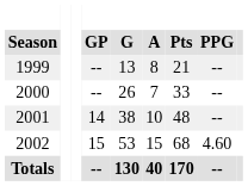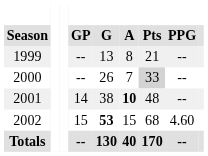 <table BORDER="0" CELLPADDING="3" CELLSPACING="0">
 <tr ALIGN="center" bgcolor="#e0e0e0">
 <th colspan="1" bgcolor="#ffffff"> </th>
 <th rowspan="99" bgcolor="#ffffff"> </th>
 <th rowspan="99" bgcolor="#ffffff"> </th>
 </tr>
 <tr ALIGN="center" bgcolor="#e0e0e0">
 <th>Season</th>
 <th>GP</th>
 <th>G</th>
 <th>A</th>
 <th>Pts</th>
 <th>PPG</th>
 <th></th>
 </tr>
 <tr ALIGN="center" bgcolor="#f0f0f0">
 <td>1999</td>
 <td>--</td>
 <td>13</td>
 <td>8</td>
 <td>21</td>
 <td>--</td>
 <td></td>
 </tr>
 <tr ALIGN="center">
 <td>2000</td>
 <td>--</td>
 <td>26</td>
 <td>7</td>
-<td>33</td>
+<td style="background: lightgrey;">33</td>
 <td>--</td>
 <td></td>
 </tr>
 <tr ALIGN="center" bgcolor="#f0f0f0">
 <td>2001</td>
 <td>14</td>
 <td>38</td>
-<td>10</td>
+<td><strong>10</strong></td>
 <td>48</td>
 <td>--</td>
 <td></td>
 </tr>
 <tr ALIGN="center">
 <td>2002</td>
 <td>15</td>
-<td>53</td>
+<td><strong>53</strong></td>
 <td>15</td>
 <td>68</td>
 <td>4.60</td>
 <td></td>
 </tr>
 <tr ALIGN="center" bgcolor="#e0e0e0">
 <th colspan="1.5">Totals</th>
 <th>--</th>
 <th>130</th>
 <th>40</th>
 <th>170</th>
 <th>--</th>
 <th></th>
 </tr>
 </table>
